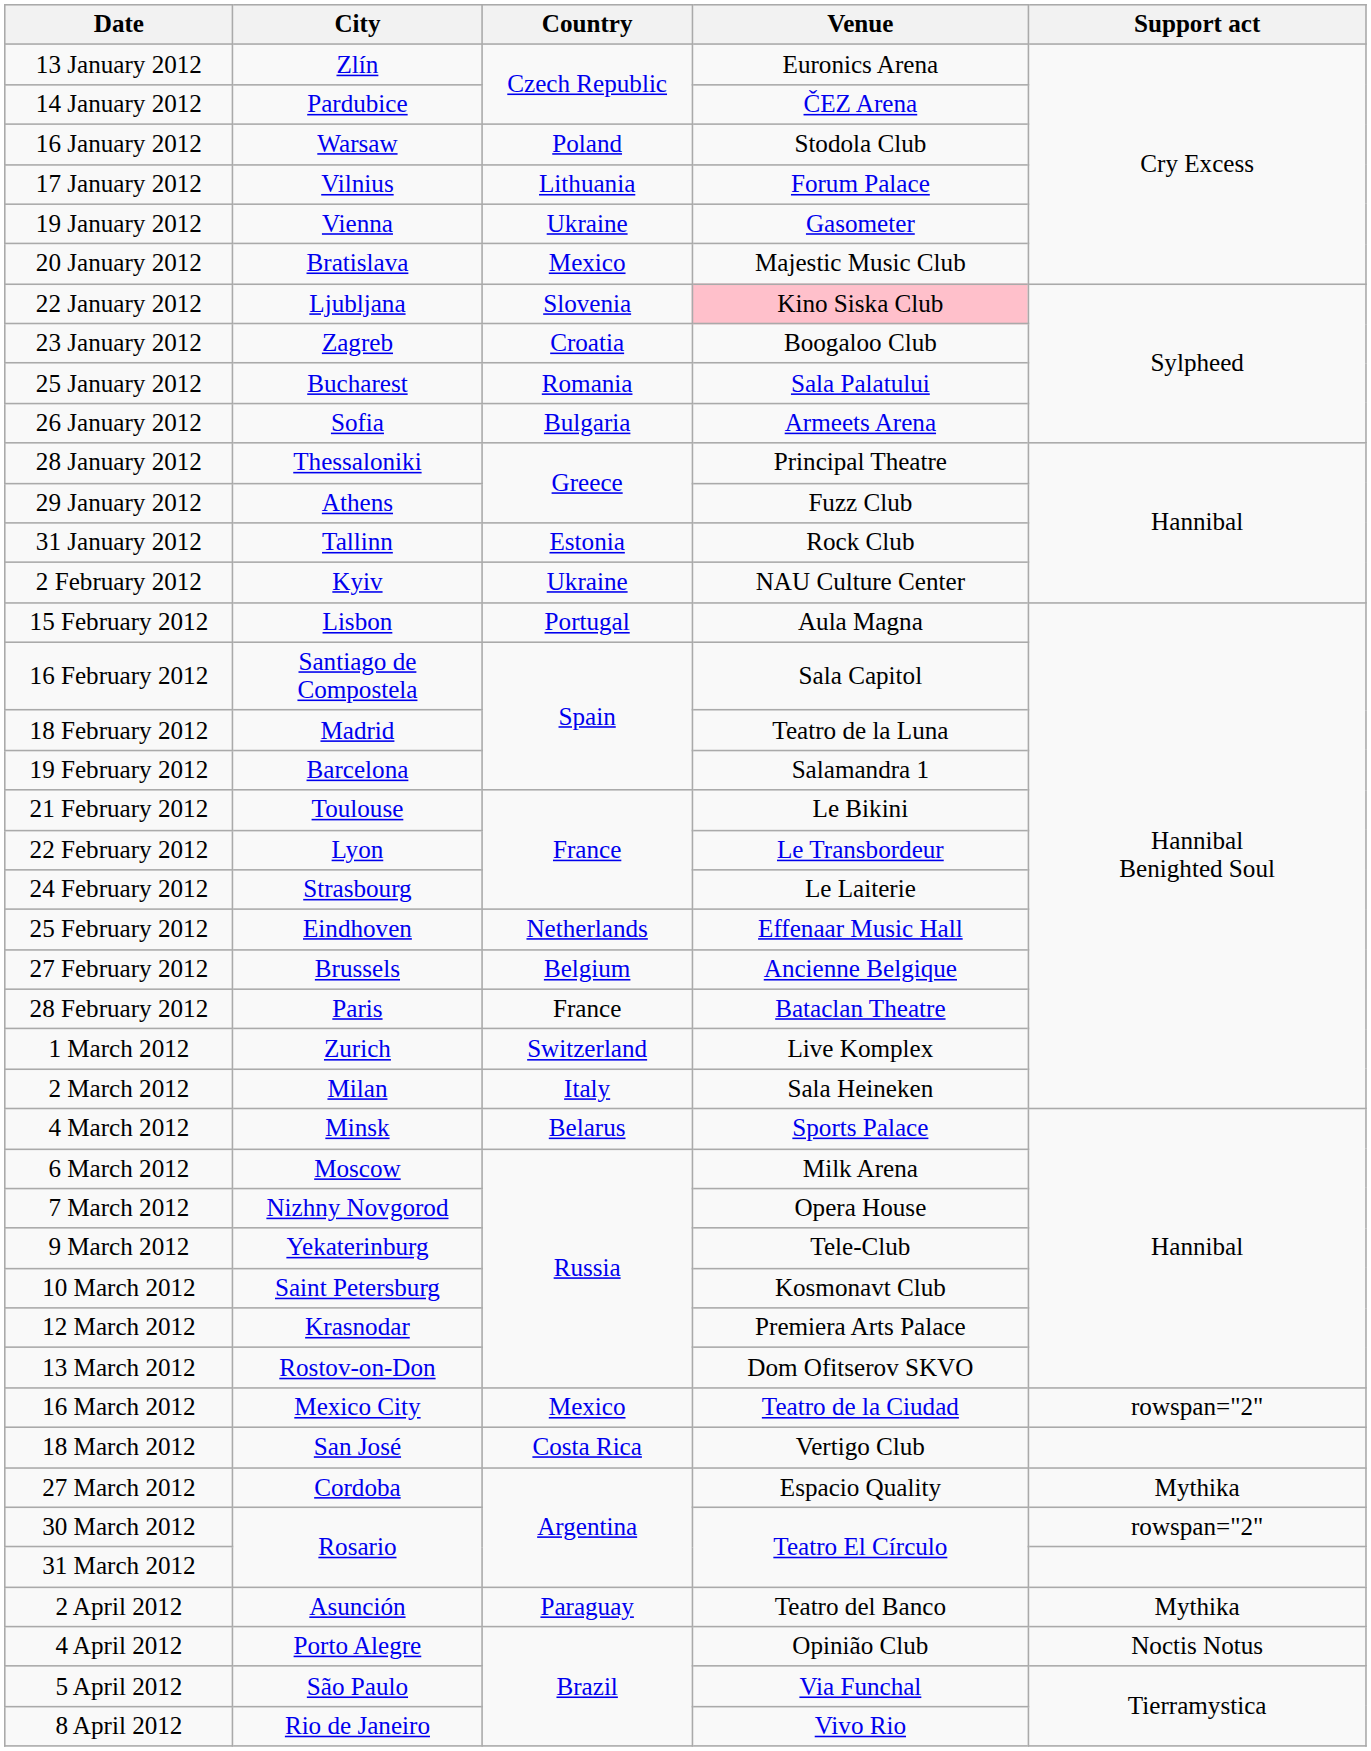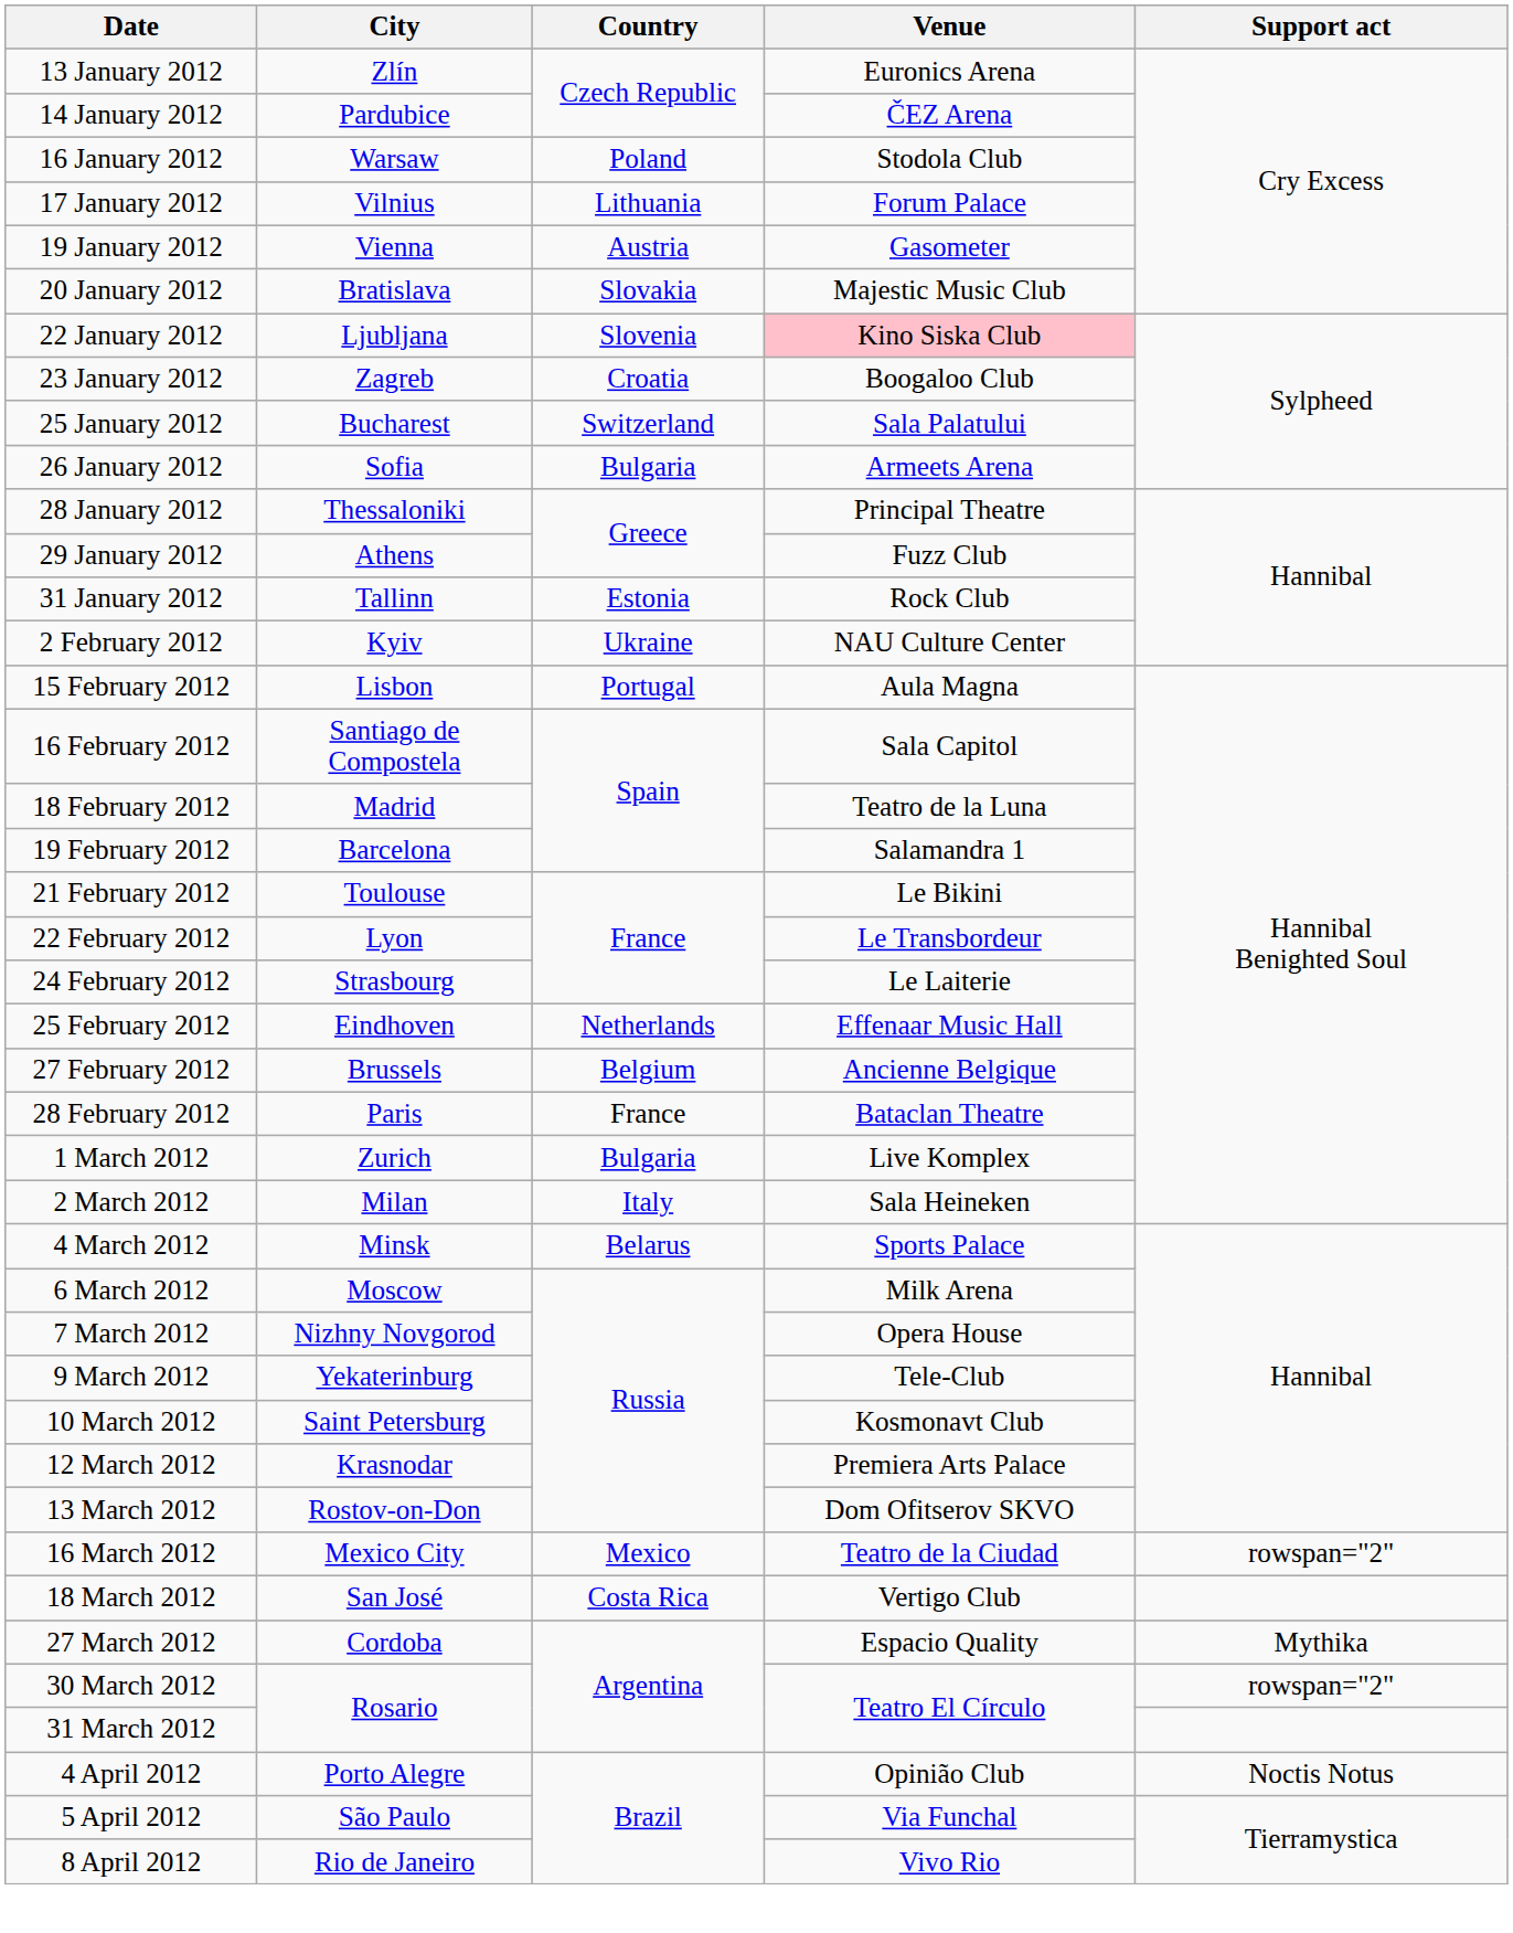 <table class="wikitable plainrowheaders" style="text-align:center;">
 <tr>
 <th scope="col" style="width:12em;">Date</th>
 <th scope="col" style="width:12em;">City</th>
 <th scope="col" style="width:10em;">Country</th>
 <th scope="col" style="width:18em;">Venue</th>
 <th scope="col" style="width:18em;">Support act</th>
 </tr>
 <tr>
 <td style="text-align:center">13 January 2012</td>
 <td style="text-align:center"><a href='#'>Zlín</a></td>
 <td style="text-align:center" rowspan="2"><a href='#'>Czech Republic</a></td>
 <td style="text-align:center">Euronics Arena</td>
 <td style="text-align:center" rowspan="6">Cry Excess</td>
 </tr>
 <tr>
 <td style="text-align:center">14 January 2012</td>
 <td style="text-align:center"><a href='#'>Pardubice</a></td>
 <td style="text-align:center"><a href='#'>ČEZ Arena</a></td>
 </tr>
 <tr>
 <td style="text-align:center">16 January 2012</td>
 <td style="text-align:center"><a href='#'>Warsaw</a></td>
 <td style="text-align:center"><a href='#'>Poland</a></td>
 <td style="text-align:center">Stodola Club</td>
 </tr>
 <tr>
 <td style="text-align:center">17 January 2012</td>
 <td style="text-align:center"><a href='#'>Vilnius</a></td>
 <td style="text-align:center"><a href='#'>Lithuania</a></td>
 <td style="text-align:center"><a href='#'>Forum Palace</a></td>
 </tr>
 <tr>
 <td style="text-align:center">19 January 2012</td>
 <td style="text-align:center"><a href='#'>Vienna</a></td>
-<td style="text-align:center"><a href='#'>Ukraine</a></td>
+<td style="text-align:center"><a href='#'>Austria</a></td>
 <td style="text-align:center"><a href='#'>Gasometer</a></td>
 </tr>
 <tr>
 <td style="text-align:center">20 January 2012</td>
 <td style="text-align:center"><a href='#'>Bratislava</a></td>
-<td style="text-align:center"><a href='#'>Mexico</a></td>
+<td style="text-align:center"><a href='#'>Slovakia</a></td>
 <td style="text-align:center">Majestic Music Club</td>
 </tr>
 <tr>
 <td style="text-align:center">22 January 2012</td>
 <td style="text-align:center"><a href='#'>Ljubljana</a></td>
 <td style="text-align:center"><a href='#'>Slovenia</a></td>
 <td style="background: pink; text-align:center">Kino Siska Club</td>
 <td style="text-align:center" rowspan="4">Sylpheed</td>
 </tr>
 <tr>
 <td style="text-align:center">23 January 2012</td>
 <td style="text-align:center"><a href='#'>Zagreb</a></td>
 <td style="text-align:center"><a href='#'>Croatia</a></td>
 <td style="text-align:center">Boogaloo Club</td>
 </tr>
 <tr>
 <td style="text-align:center">25 January 2012</td>
 <td style="text-align:center"><a href='#'>Bucharest</a></td>
-<td style="text-align:center"><a href='#'>Romania</a></td>
+<td style="text-align:center"><a href='#'>Switzerland</a></td>
 <td style="text-align:center"><a href='#'>Sala Palatului</a></td>
 </tr>
 <tr>
 <td style="text-align:center">26 January 2012</td>
 <td style="text-align:center"><a href='#'>Sofia</a></td>
 <td style="text-align:center"><a href='#'>Bulgaria</a></td>
 <td style="text-align:center"><a href='#'>Armeets Arena</a></td>
 </tr>
 <tr>
 <td style="text-align:center">28 January 2012</td>
 <td style="text-align:center"><a href='#'>Thessaloniki</a></td>
 <td style="text-align:center" rowspan="2"><a href='#'>Greece</a></td>
 <td style="text-align:center">Principal Theatre</td>
 <td style="text-align:center" rowspan="4">Hannibal</td>
 </tr>
 <tr>
 <td style="text-align:center">29 January 2012</td>
 <td style="text-align:center"><a href='#'>Athens</a></td>
 <td style="text-align:center">Fuzz Club</td>
 </tr>
 <tr>
 <td style="text-align:center">31 January 2012</td>
 <td style="text-align:center"><a href='#'>Tallinn</a></td>
 <td style="text-align:center"><a href='#'>Estonia</a></td>
 <td style="text-align:center">Rock Club</td>
 </tr>
 <tr>
 <td style="text-align:center">2 February 2012</td>
 <td style="text-align:center"><a href='#'>Kyiv</a></td>
 <td style="text-align:center"><a href='#'>Ukraine</a></td>
 <td style="text-align:center">NAU Culture Center</td>
 </tr>
 <tr>
 <td style="text-align:center">15 February 2012</td>
 <td style="text-align:center"><a href='#'>Lisbon</a></td>
 <td style="text-align:center"><a href='#'>Portugal</a></td>
 <td style="text-align:center">Aula Magna</td>
 <td style="text-align:center" rowspan="12">Hannibal<br>Benighted Soul<br></td>
 </tr>
 <tr>
 <td style="text-align:center">16 February 2012</td>
 <td style="text-align:center"><a href='#'>Santiago de Compostela</a></td>
 <td style="text-align:center" rowspan="3"><a href='#'>Spain</a></td>
 <td style="text-align:center">Sala Capitol</td>
 </tr>
 <tr>
 <td style="text-align:center">18 February 2012</td>
 <td style="text-align:center"><a href='#'>Madrid</a></td>
 <td style="text-align:center">Teatro de la Luna</td>
 </tr>
 <tr>
 <td style="text-align:center">19 February 2012</td>
 <td style="text-align:center"><a href='#'>Barcelona</a></td>
 <td style="text-align:center">Salamandra 1</td>
 </tr>
 <tr>
 <td style="text-align:center">21 February 2012</td>
 <td style="text-align:center"><a href='#'>Toulouse</a></td>
 <td style="text-align:center" rowspan="3"><a href='#'>France</a></td>
 <td style="text-align:center">Le Bikini</td>
 </tr>
 <tr>
 <td style="text-align:center">22 February 2012</td>
 <td style="text-align:center"><a href='#'>Lyon</a></td>
 <td style="text-align:center"><a href='#'>Le Transbordeur</a></td>
 </tr>
 <tr>
 <td style="text-align:center">24 February 2012</td>
 <td style="text-align:center"><a href='#'>Strasbourg</a></td>
 <td style="text-align:center">Le Laiterie</td>
 </tr>
 <tr>
 <td style="text-align:center">25 February 2012</td>
 <td style="text-align:center"><a href='#'>Eindhoven</a></td>
 <td style="text-align:center"><a href='#'>Netherlands</a></td>
 <td style="text-align:center"><a href='#'>Effenaar Music Hall</a></td>
 </tr>
 <tr>
 <td style="text-align:center">27 February 2012</td>
 <td style="text-align:center"><a href='#'>Brussels</a></td>
 <td style="text-align:center"><a href='#'>Belgium</a></td>
 <td style="text-align:center"><a href='#'>Ancienne Belgique</a></td>
 </tr>
 <tr>
 <td style="text-align:center">28 February 2012</td>
 <td style="text-align:center"><a href='#'>Paris</a></td>
 <td style="text-align:center">France</td>
 <td style="text-align:center"><a href='#'>Bataclan Theatre</a></td>
 </tr>
 <tr>
 <td style="text-align:center">1 March 2012</td>
 <td style="text-align:center"><a href='#'>Zurich</a></td>
-<td style="text-align:center"><a href='#'>Switzerland</a></td>
+<td style="text-align:center"><a href='#'>Bulgaria</a></td>
 <td style="text-align:center">Live Komplex</td>
 </tr>
 <tr>
 <td style="text-align:center">2 March 2012</td>
 <td style="text-align:center"><a href='#'>Milan</a></td>
 <td style="text-align:center"><a href='#'>Italy</a></td>
 <td style="text-align:center">Sala Heineken</td>
 </tr>
 <tr>
 <td style="text-align:center">4 March 2012</td>
 <td style="text-align:center"><a href='#'>Minsk</a></td>
 <td style="text-align:center"><a href='#'>Belarus</a></td>
 <td style="text-align:center"><a href='#'>Sports Palace</a></td>
 <td style="text-align:center" rowspan="7">Hannibal</td>
 </tr>
 <tr>
 <td style="text-align:center">6 March 2012</td>
 <td style="text-align:center"><a href='#'>Moscow</a></td>
 <td style="text-align:center" rowspan="6"><a href='#'>Russia</a></td>
 <td style="text-align:center">Milk Arena</td>
 </tr>
 <tr>
 <td style="text-align:center">7 March 2012</td>
 <td style="text-align:center"><a href='#'>Nizhny Novgorod</a></td>
 <td style="text-align:center">Opera House</td>
 </tr>
 <tr>
 <td style="text-align:center">9 March 2012</td>
 <td style="text-align:center"><a href='#'>Yekaterinburg</a></td>
 <td style="text-align:center">Tele-Club</td>
 </tr>
 <tr>
 <td style="text-align:center">10 March 2012</td>
 <td style="text-align:center"><a href='#'>Saint Petersburg</a></td>
 <td style="text-align:center">Kosmonavt Club</td>
 </tr>
 <tr>
 <td style="text-align:center">12 March 2012</td>
 <td style="text-align:center"><a href='#'>Krasnodar</a></td>
 <td style="text-align:center">Premiera Arts Palace</td>
 </tr>
 <tr>
 <td style="text-align:center">13 March 2012</td>
 <td style="text-align:center"><a href='#'>Rostov-on-Don</a></td>
 <td style="text-align:center">Dom Ofitserov SKVO</td>
 </tr>
 <tr>
 <td style="text-align:center">16 March 2012</td>
 <td style="text-align:center"><a href='#'>Mexico City</a></td>
 <td style="text-align:center"><a href='#'>Mexico</a></td>
 <td style="text-align:center"><a href='#'>Teatro de la Ciudad</a></td>
 <td>rowspan="2" </td>
 </tr>
 <tr>
 <td style="text-align:center">18 March 2012</td>
 <td style="text-align:center"><a href='#'>San José</a></td>
 <td style="text-align:center"><a href='#'>Costa Rica</a></td>
 <td style="text-align:center">Vertigo Club</td>
 </tr>
 <tr>
 <td style="text-align:center">27 March 2012</td>
 <td style="text-align:center"><a href='#'>Cordoba</a></td>
 <td style="text-align:center" rowspan="3"><a href='#'>Argentina</a></td>
 <td style="text-align:center">Espacio Quality</td>
 <td style="text-align:center">Mythika</td>
 </tr>
 <tr>
 <td style="text-align:center">30 March 2012</td>
 <td style="text-align:center" rowspan="2"><a href='#'>Rosario</a></td>
 <td style="text-align:center" rowspan="2"><a href='#'>Teatro El Círculo</a></td>
 <td>rowspan="2" </td>
 </tr>
 <tr>
 <td style="text-align:center">31 March 2012</td>
 </tr>
 <tr>
-<td style="text-align:center">2 April 2012</td>
-<td style="text-align:center"><a href='#'>Asunción</a></td>
-<td style="text-align:center"><a href='#'>Paraguay</a></td>
-<td style="text-align:center">Teatro del Banco</td>
-<td style="text-align:center">Mythika</td>
-</tr>
-<tr>
 <td style="text-align:center">4 April 2012</td>
 <td style="text-align:center"><a href='#'>Porto Alegre</a></td>
 <td style="text-align:center" rowspan="3"><a href='#'>Brazil</a></td>
 <td style="text-align:center">Opinião Club</td>
 <td style="text-align:center">Noctis Notus</td>
 </tr>
 <tr>
 <td style="text-align:center">5 April 2012</td>
 <td style="text-align:center"><a href='#'>São Paulo</a></td>
 <td style="text-align:center"><a href='#'>Via Funchal</a></td>
 <td style="text-align:center" rowspan="2">Tierramystica<br></td>
 </tr>
 <tr>
 <td style="text-align:center">8 April 2012</td>
 <td style="text-align:center"><a href='#'>Rio de Janeiro</a></td>
 <td style="text-align:center"><a href='#'>Vivo Rio</a></td>
 </tr>
 </table>
